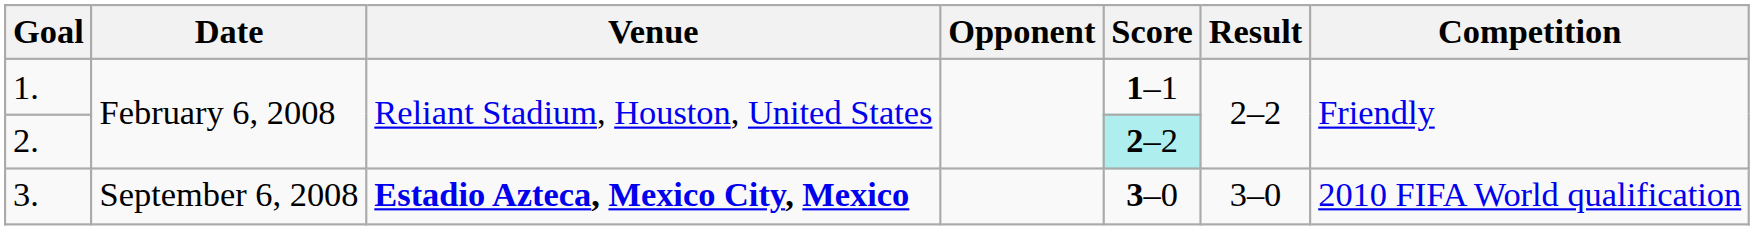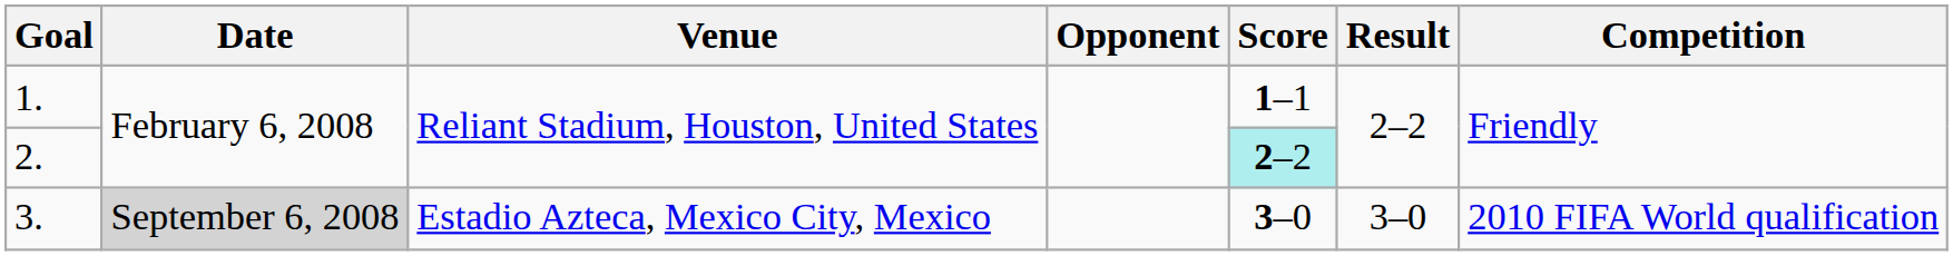 <table class="wikitable">
 <tr>
 <th>Goal</th>
 <th>Date</th>
 <th>Venue</th>
 <th>Opponent</th>
 <th>Score</th>
 <th>Result</th>
 <th>Competition</th>
 </tr>
 <tr>
 <td>1.</td>
 <td rowspan="2">February 6, 2008</td>
 <td rowspan="2"><a href='#'>Reliant Stadium</a>, <a href='#'>Houston</a>, <a href='#'>United States</a></td>
 <td rowspan="2"></td>
 <td align=center><strong>1</strong>–1</td>
 <td rowspan="2" align=center>2–2</td>
 <td rowspan="2"><a href='#'>Friendly</a></td>
 </tr>
 <tr>
 <td>2.</td>
 <td align=center style="background: paleturquoise;"><strong>2</strong>–2</td>
 </tr>
 <tr>
 <td>3.</td>
-<td>September 6, 2008</td>
-<td><strong><a href='#'>Estadio Azteca</a>, <a href='#'>Mexico City</a>, <a href='#'>Mexico</a></strong></td>
+<td style="background: lightgrey;">September 6, 2008</td>
+<td><a href='#'>Estadio Azteca</a>, <a href='#'>Mexico City</a>, <a href='#'>Mexico</a></td>
 <td></td>
 <td align=center><strong>3</strong>–0</td>
 <td align=center>3–0</td>
 <td><a href='#'>2010 FIFA World qualification</a></td>
 </tr>
 </table>
